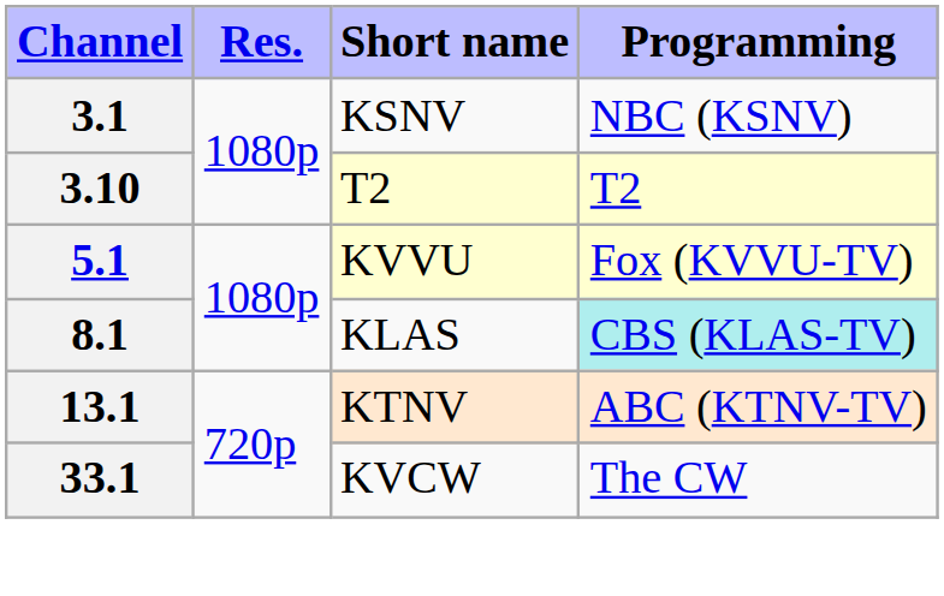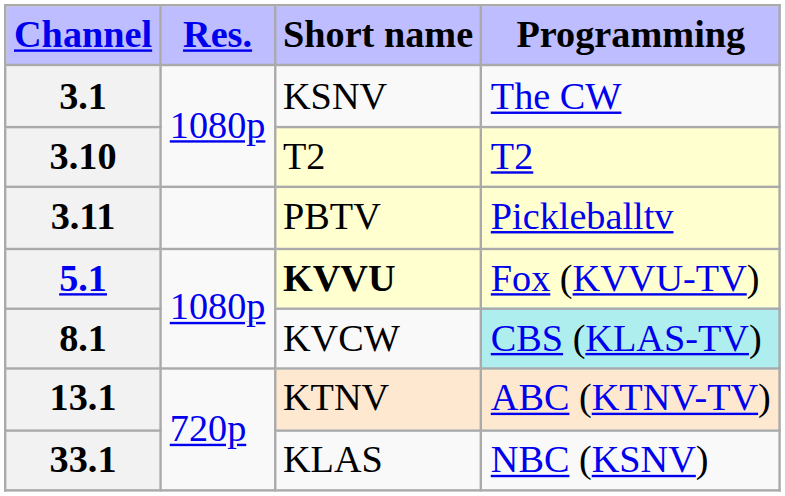 <table class="wikitable">
 <tr>
 <th style="background-color: #bdbdff" scope = "col"><a href='#'>Channel</a></th>
 <th style="background-color: #bdbdff" scope = "col"><a href='#'>Res.</a></th>
 <th style="background-color: #bdbdff" scope = "col">Short name</th>
 <th style="background-color: #bdbdff" scope = "col">Programming</th>
 </tr>
 <tr>
 <th scope = "row">3.1</th>
 <td rowspan="2"><a href='#'>1080p</a></td>
 <td>KSNV</td>
-<td><a href='#'>NBC</a> (<a href='#'>KSNV</a>)</td>
+<td><a href='#'>The CW</a></td>
 </tr>
 <tr>
 <th scope = "row">3.10</th>
 <td style="background-color:#ffffd0">T2</td>
 <td style="background-color:#ffffd0"><a href='#'>T2</a></td>
 </tr>
 <tr>
+<th scope = "row">3.11</th>
+<td></td>
+<td style="background-color:#ffffd0">PBTV</td>
+<td style="background-color:#ffffd0"><a href='#'>Pickleballtv</a></td>
+</tr>
+<tr>
 <th scope = "row"><a href='#'>5.1</a></th>
 <td rowspan=2><a href='#'>1080p</a></td>
-<td style="background-color:#ffffd0">KVVU</td>
+<td style="background-color:#ffffd0"><strong>KVVU</strong></td>
 <td style="background-color:#ffffd0"><a href='#'>Fox</a> (<a href='#'>KVVU-TV</a>)</td>
 </tr>
 <tr>
 <th scope = "row">8.1</th>
-<td>KLAS</td>
+<td>KVCW</td>
 <td style="background: paleturquoise;"><a href='#'>CBS</a> (<a href='#'>KLAS-TV</a>)</td>
 </tr>
 <tr>
 <th scope = "row">13.1</th>
 <td rowspan="2"><a href='#'>720p</a></td>
 <td style="background-color:#ffe8d0">KTNV</td>
 <td style="background-color:#ffe8d0"><a href='#'>ABC</a> (<a href='#'>KTNV-TV</a>) </td>
 </tr>
 <tr>
 <th scope = "row">33.1</th>
-<td>KVCW</td>
-<td><a href='#'>The CW</a></td>
+<td>KLAS</td>
+<td><a href='#'>NBC</a> (<a href='#'>KSNV</a>)</td>
 </tr>
 </table>
